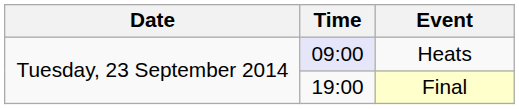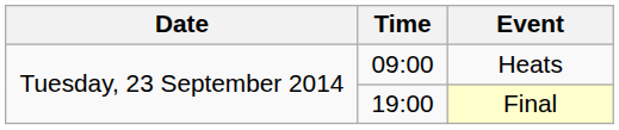 <table class = "wikitable" style="text-align:center;">
 <tr>
 <th width=220>Date</th>
 <th width=50>Time</th>
 <th width=100>Event</th>
 </tr>
 <tr>
 <td rowspan=2>Tuesday, 23 September 2014</td>
-<td style="background: lavender;">09:00</td>
+<td>09:00</td>
 <td>Heats</td>
 </tr>
 <tr>
 <td>19:00</td>
 <td bgcolor=ffffcc>Final</td>
 </tr>
 </table>
